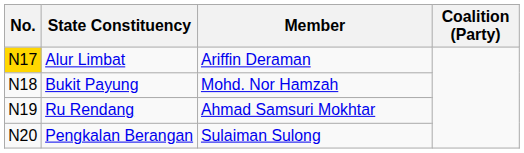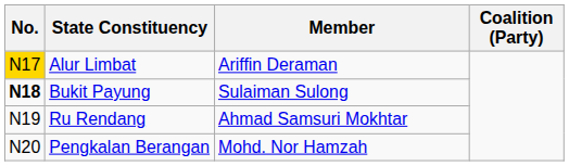 <table class="wikitable">
 <tr>
 <th width="30">No.</th>
 <th width="150">State Constituency</th>
 <th width="230">Member</th>
 <th width="80">Coalition (Party)</th>
 </tr>
 <tr>
 <td style="background: gold;">N17</td>
 <td><a href='#'>Alur Limbat</a></td>
 <td><a href='#'>Ariffin Deraman</a></td>
 <td rowspan="4"></td>
 </tr>
 <tr>
-<td>N18</td>
+<td><strong>N18</strong></td>
 <td><a href='#'>Bukit Payung</a></td>
-<td><a href='#'>Mohd. Nor Hamzah</a></td>
+<td><a href='#'>Sulaiman Sulong</a></td>
 </tr>
 <tr>
 <td>N19</td>
 <td><a href='#'>Ru Rendang</a></td>
 <td><a href='#'>Ahmad Samsuri Mokhtar</a></td>
 </tr>
 <tr>
 <td>N20</td>
 <td><a href='#'>Pengkalan Berangan</a></td>
-<td><a href='#'>Sulaiman Sulong</a></td>
+<td><a href='#'>Mohd. Nor Hamzah</a></td>
 </tr>
 </table>
